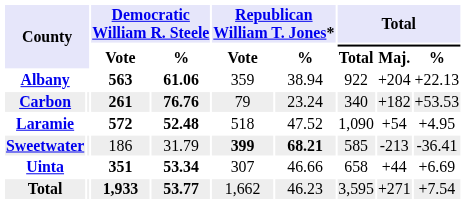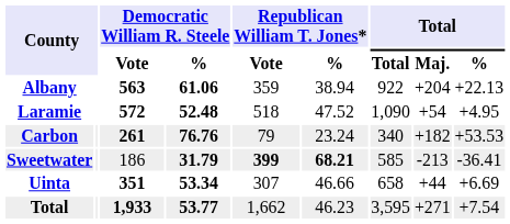 <table class="toccolours sortable" style="text-align:center;">
 <tr style="background:lavender">
 <th rowspan="3" colspan="2">County</th>
 <th colspan=2><a href='#'>Democratic</a><br><a href='#'>William R. Steele</a></th>
 <th colspan=2><a href='#'>Republican</a><br><a href='#'>William T. Jones</a>*</th>
 <th colspan=3>Total</th>
 </tr>
 <tr>
 <th colspan=2 style="background-color:"></th>
 <th colspan=2 style="background-color:"></th>
 <th colspan=3 style="background-color:#000000"></th>
 </tr>
 <tr>
 <th align="center">Vote</th>
 <th align="center">%</th>
 <th align="center">Vote</th>
 <th align="center">%</th>
 <th align="center">Total</th>
 <th align="center">Maj.</th>
 <th align="center">%</th>
 </tr>
 <tr>
 <th><a href='#'>Albany</a></th>
 <td style="background-color:"></td>
 <td><strong>563</strong></td>
 <td><strong>61.06	</strong></td>
 <td>359</td>
 <td>38.94</td>
 <td>922</td>
 <td>+204</td>
 <td>+22.13</td>
 </tr>
-<tr style="background:#EEEEEE;">
-<th><a href='#'>Carbon</a></th>
-<td style="background-color:"></td>
-<td><strong>261</strong></td>
-<td><strong>76.76	</strong></td>
-<td>79</td>
-<td>23.24</td>
-<td>340</td>
-<td>+182</td>
-<td>+53.53</td>
-</tr>
 <tr>
 <th><a href='#'>Laramie</a></th>
 <td style="background-color:"></td>
 <td><strong>572</strong></td>
 <td><strong>52.48</strong></td>
 <td>518</td>
 <td>47.52</td>
 <td>1,090</td>
 <td>+54</td>
 <td>+4.95</td>
 </tr>
 <tr style="background:#EEEEEE;">
+<th><a href='#'>Carbon</a></th>
+<td style="background-color:"></td>
+<td><strong>261</strong></td>
+<td><strong>76.76	</strong></td>
+<td>79</td>
+<td>23.24</td>
+<td>340</td>
+<td>+182</td>
+<td>+53.53</td>
+</tr>
+<tr style="background:#EEEEEE;">
 <th><a href='#'>Sweetwater</a></th>
 <td style="background-color:"></td>
 <td>186</td>
-<td>31.79</td>
+<td><strong>31.79</strong></td>
 <td><strong>399</strong></td>
 <td><strong>68.21</strong></td>
 <td>585</td>
 <td>-213</td>
 <td>-36.41</td>
 </tr>
 <tr>
 <th><a href='#'>Uinta</a></th>
 <td style="background-color:"></td>
 <td><strong>351</strong></td>
 <td><strong>53.34</strong></td>
 <td>307</td>
 <td>46.66</td>
 <td>658</td>
 <td>+44</td>
 <td>+6.69</td>
 </tr>
 <tr style="background:#EEEEEE;">
 <th>Total</th>
 <td style="background-color:"></td>
 <td><strong>1,933</strong></td>
 <td><strong>53.77</strong></td>
 <td>1,662</td>
 <td>46.23</td>
 <td>3,595</td>
 <td>+271</td>
 <td>+7.54</td>
 </tr>
 </table>
